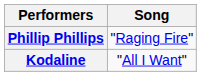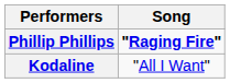 <table class="wikitable unsortable" style="text-align:center;">
 <tr>
 <th scope="col">Performers</th>
 <th scope="col">Song</th>
 </tr>
 <tr>
 <th scope="row"><a href='#'>Phillip Phillips</a></th>
-<td>"<a href='#'>Raging Fire</a>"</td>
+<td><strong>"<a href='#'>Raging Fire</a>"</strong></td>
 </tr>
 <tr>
 <th scope="row"><a href='#'>Kodaline</a></th>
 <td>"<a href='#'>All I Want</a>"</td>
 </tr>
 </table>
